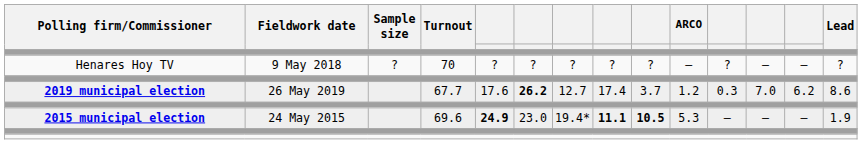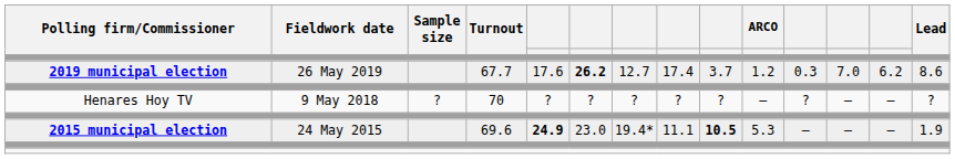 <table class="wikitable collapsible collapsed" style="text-align:center; font-size:95%; line-height:16px;">
 <tr style="height:42px;">
 <th style="width:250px;" rowspan="2">Polling firm/Commissioner</th>
 <th style="width:125px;" rowspan="2">Fieldwork date</th>
 <th style="width:50px;" rowspan="2">Sample size</th>
 <th style="width:45px;" rowspan="2">Turnout</th>
 <th style="width:35px;"></th>
 <th style="width:35px;"></th>
 <th style="width:35px;"></th>
 <th style="width:35px;"></th>
 <th style="width:35px;"></th>
 <th style="width:35px; font-size:95%;">ARCO</th>
 <th style="width:35px;"></th>
 <th style="width:35px;"></th>
 <th style="width:35px;"></th>
 <th style="width:30px;" rowspan="2">Lead</th>
 </tr>
 <tr>
 <th style="color:inherit;background:"></th>
 <th style="color:inherit;background:"></th>
 <th style="color:inherit;background:"></th>
 <th style="color:inherit;background:"></th>
 <th style="color:inherit;background:"></th>
 <th style="color:inherit;background:"></th>
 <th style="color:inherit;background:"></th>
 <th style="color:inherit;background:"></th>
 <th style="color:inherit;background:"></th>
 </tr>
 <tr>
 <td colspan="14" style="background:#A0A0A0"></td>
 </tr>
+<tr style="background:#EFEFEF;">
+<td><strong><a href='#'>2019 municipal election</a></strong></td>
+<td>26 May 2019</td>
+<td></td>
+<td>67.7</td>
+<td>17.6<br></td>
+<td><strong>26.2</strong><br></td>
+<td>12.7<br></td>
+<td>17.4<br></td>
+<td>3.7<br></td>
+<td>1.2<br></td>
+<td>0.3<br></td>
+<td>7.0<br></td>
+<td>6.2<br></td>
+<td style="background:">8.6</td>
+</tr>
+<tr>
+<td colspan="14" style="background:#A0A0A0"></td>
+</tr>
 <tr>
 <td>Henares Hoy TV</td>
 <td>9 May 2018</td>
 <td>?</td>
 <td>70</td>
 <td>?<br></td>
 <td>?<br></td>
 <td>?<br></td>
 <td>?<br></td>
 <td>?<br></td>
 <td>–</td>
 <td>?<br></td>
 <td>–</td>
 <td>–</td>
 <td style="background:">?</td>
 </tr>
 <tr>
 <td colspan="14" style="background:#A0A0A0"></td>
 </tr>
 <tr style="background:#EFEFEF;">
-<td><strong><a href='#'>2019 municipal election</a></strong></td>
-<td>26 May 2019</td>
-<td></td>
-<td>67.7</td>
-<td>17.6<br></td>
-<td><strong>26.2</strong><br></td>
-<td>12.7<br></td>
-<td>17.4<br></td>
-<td>3.7<br></td>
-<td>1.2<br></td>
-<td>0.3<br></td>
-<td>7.0<br></td>
-<td>6.2<br></td>
-<td style="background:">8.6</td>
-</tr>
-<tr>
-<td colspan="14" style="background:#A0A0A0"></td>
-</tr>
-<tr style="background:#EFEFEF;">
 <td><strong><a href='#'>2015 municipal election</a></strong></td>
 <td>24 May 2015</td>
 <td></td>
 <td>69.6</td>
 <td><strong>24.9</strong><br></td>
 <td>23.0<br></td>
 <td>19.4*<br></td>
-<td><strong>11.1<br></strong></td>
+<td>11.1<br></td>
 <td><strong>10.5<br></strong></td>
 <td>5.3<br></td>
 <td>–</td>
 <td>–</td>
 <td>–</td>
 <td style="background:">1.9</td>
 </tr>
 <tr>
 <td colspan="14" style="background:#A0A0A0"></td>
 </tr>
 <tr>
 <td align="left" colspan="14"></td>
 </tr>
 </table>
